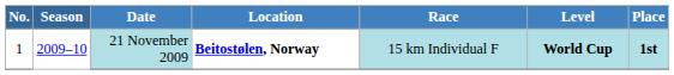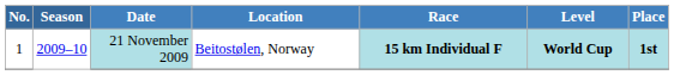 <table class="wikitable sortable" style="font-size:95%; text-align:center; border:grey solid 1px; border-collapse:collapse; background:#ffffff;">
 <tr style="background:#efefef;">
 <th style="background-color:#369; color:white;">No.</th>
 <th style="background-color:#369; color:white;">Season</th>
 <th style="background-color:#4180be; color:white; width:100px;">Date</th>
 <th style="background-color:#4180be; color:white; width:170px;">Location</th>
 <th style="background-color:#4180be; color:white; width:170px;">Race</th>
 <th style="background-color:#4180be; color:white; width:100px;">Level</th>
 <th style="background-color:#4180be; color:white;"><strong>Place</strong></th>
 </tr>
 <tr>
 <td align=center>1</td>
 <td rowspan=3 align=center><a href='#'>2009–10</a></td>
 <td bgcolor="#BOEOE6" align=right>21 November 2009</td>
-<td align=left><strong> <a href='#'>Beitostølen</a>, Norway</strong></td>
-<td bgcolor="#BOEOE6">15 km Individual F</td>
+<td align=left> <a href='#'>Beitostølen</a>, Norway</td>
+<td bgcolor="#BOEOE6"><strong>15 km Individual F</strong></td>
 <td bgcolor="#BOEOE6"><strong>World Cup</strong></td>
 <td bgcolor="#BOEOE6"><strong>1st</strong></td>
 </tr>
 <tr>
 </tr>
 </table>
